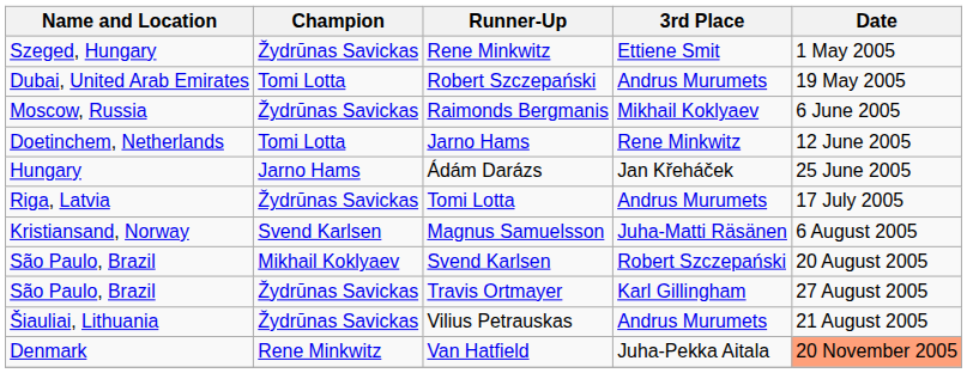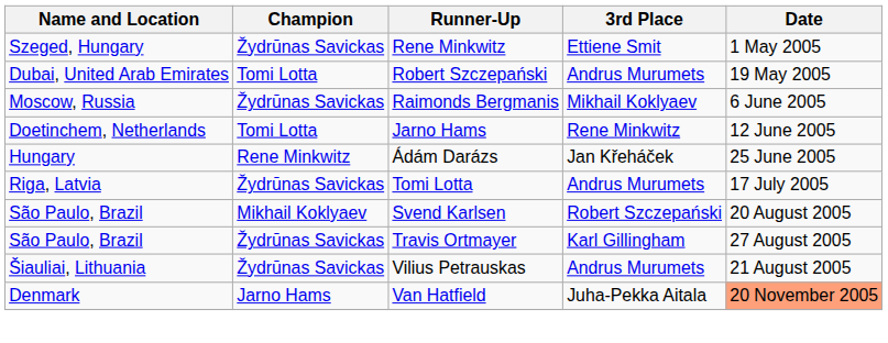 <table class="wikitable" style="display: inline-table">
 <tr>
 <th>Name and Location</th>
 <th>Champion</th>
 <th>Runner-Up</th>
 <th>3rd Place</th>
 <th>Date</th>
 </tr>
 <tr>
 <td> <a href='#'>Szeged</a>, <a href='#'>Hungary</a> <br> </td>
 <td> <a href='#'>Žydrūnas Savickas</a></td>
 <td> <a href='#'>Rene Minkwitz</a></td>
 <td> <a href='#'>Ettiene Smit</a></td>
 <td>1 May 2005</td>
 </tr>
 <tr>
 <td> <a href='#'>Dubai</a>, <a href='#'>United Arab Emirates</a> <br> </td>
 <td> <a href='#'>Tomi Lotta</a></td>
 <td> <a href='#'>Robert Szczepański</a></td>
 <td> <a href='#'>Andrus Murumets</a></td>
 <td>19 May 2005</td>
 </tr>
 <tr>
 <td> <a href='#'>Moscow</a>, <a href='#'>Russia</a> <br> </td>
 <td> <a href='#'>Žydrūnas Savickas</a></td>
 <td> <a href='#'>Raimonds Bergmanis</a></td>
 <td> <a href='#'>Mikhail Koklyaev</a></td>
 <td>6 June 2005</td>
 </tr>
 <tr>
 <td> <a href='#'>Doetinchem</a>, <a href='#'>Netherlands</a> <br> </td>
 <td> <a href='#'>Tomi Lotta</a></td>
 <td> <a href='#'>Jarno Hams</a></td>
 <td> <a href='#'>Rene Minkwitz</a></td>
 <td>12 June 2005</td>
 </tr>
 <tr>
 <td> <a href='#'>Hungary</a> <br> </td>
-<td> <a href='#'>Jarno Hams</a></td>
+<td> <a href='#'>Rene Minkwitz</a></td>
 <td> Ádám Darázs</td>
 <td> Jan Křeháček</td>
 <td>25 June 2005</td>
 </tr>
 <tr>
 <td> <a href='#'>Riga</a>, <a href='#'>Latvia</a> <br> </td>
 <td> <a href='#'>Žydrūnas Savickas</a></td>
 <td> <a href='#'>Tomi Lotta</a></td>
 <td> <a href='#'>Andrus Murumets</a></td>
 <td>17 July 2005</td>
-</tr>
-<tr>
-<td> <a href='#'>Kristiansand</a>, <a href='#'>Norway</a> <br> </td>
-<td> <a href='#'>Svend Karlsen</a></td>
-<td> <a href='#'>Magnus Samuelsson</a></td>
-<td> <a href='#'>Juha-Matti Räsänen</a></td>
-<td>6 August 2005</td>
 </tr>
 <tr>
 <td> <a href='#'>São Paulo</a>, <a href='#'>Brazil</a> <br> </td>
 <td> <a href='#'>Mikhail Koklyaev</a></td>
 <td> <a href='#'>Svend Karlsen</a></td>
 <td> <a href='#'>Robert Szczepański</a></td>
 <td>20 August 2005</td>
 </tr>
 <tr>
 <td> <a href='#'>São Paulo</a>, <a href='#'>Brazil</a> <br> </td>
 <td> <a href='#'>Žydrūnas Savickas</a></td>
 <td> <a href='#'>Travis Ortmayer</a></td>
 <td> <a href='#'>Karl Gillingham</a></td>
 <td>27 August 2005</td>
 </tr>
 <tr>
 <td> <a href='#'>Šiauliai</a>, <a href='#'>Lithuania</a> <br> </td>
 <td> <a href='#'>Žydrūnas Savickas</a></td>
 <td> Vilius Petrauskas</td>
 <td> <a href='#'>Andrus Murumets</a></td>
 <td>21 August 2005</td>
 </tr>
 <tr>
 <td> <a href='#'>Denmark</a> <br> </td>
-<td> <a href='#'>Rene Minkwitz</a></td>
+<td> <a href='#'>Jarno Hams</a></td>
 <td> <a href='#'>Van Hatfield</a></td>
 <td> Juha-Pekka Aitala</td>
 <td style="background: lightsalmon;">20 November 2005</td>
 </tr>
 <tr>
 </tr>
 </table>
